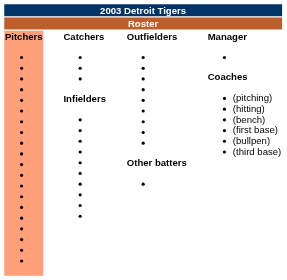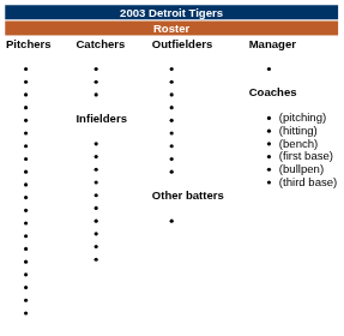 <table class="toccolours" style="font-size: 95%;">
 <tr>
 <th colspan="10" style="background-color: #003366; color: white; text-align: center;">2003 Detroit Tigers</th>
 </tr>
 <tr>
 <td colspan="10" style="background-color: #bd5d29; color: white; text-align: center;"><strong>Roster</strong></td>
 </tr>
 <tr>
-<td valign="top" style="background: lightsalmon;"><strong>Pitchers</strong><br><ul><li></li><li></li><li></li><li></li><li></li><li></li><li></li><li></li><li></li><li></li><li></li><li></li><li></li><li></li><li></li><li></li><li></li><li></li><li></li><li></li></ul></td>
+<td valign="top"><strong>Pitchers</strong><br><ul><li></li><li></li><li></li><li></li><li></li><li></li><li></li><li></li><li></li><li></li><li></li><li></li><li></li><li></li><li></li><li></li><li></li><li></li><li></li><li></li></ul></td>
 <td width="25px"></td>
 <td valign="top"><strong>Catchers</strong><br><ul><li></li><li></li><li></li></ul><strong>Infielders</strong><ul><li></li><li></li><li></li><li></li><li></li><li></li><li></li><li></li><li></li><li></li></ul></td>
 <td width="25px"></td>
 <td valign="top"><strong>Outfielders</strong><br><ul><li></li><li></li><li></li><li></li><li></li><li></li><li></li><li></li><li></li></ul><strong>Other batters</strong><ul><li></li></ul></td>
 <td width="25px"></td>
 <td valign="top"><strong>Manager</strong><br><ul><li></li></ul><strong>Coaches</strong><ul><li> (pitching)</li><li> (hitting)</li><li> (bench)</li><li> (first base)</li><li> (bullpen)</li><li> (third base)</li></ul></td>
 </tr>
 <tr>
 </tr>
 </table>
